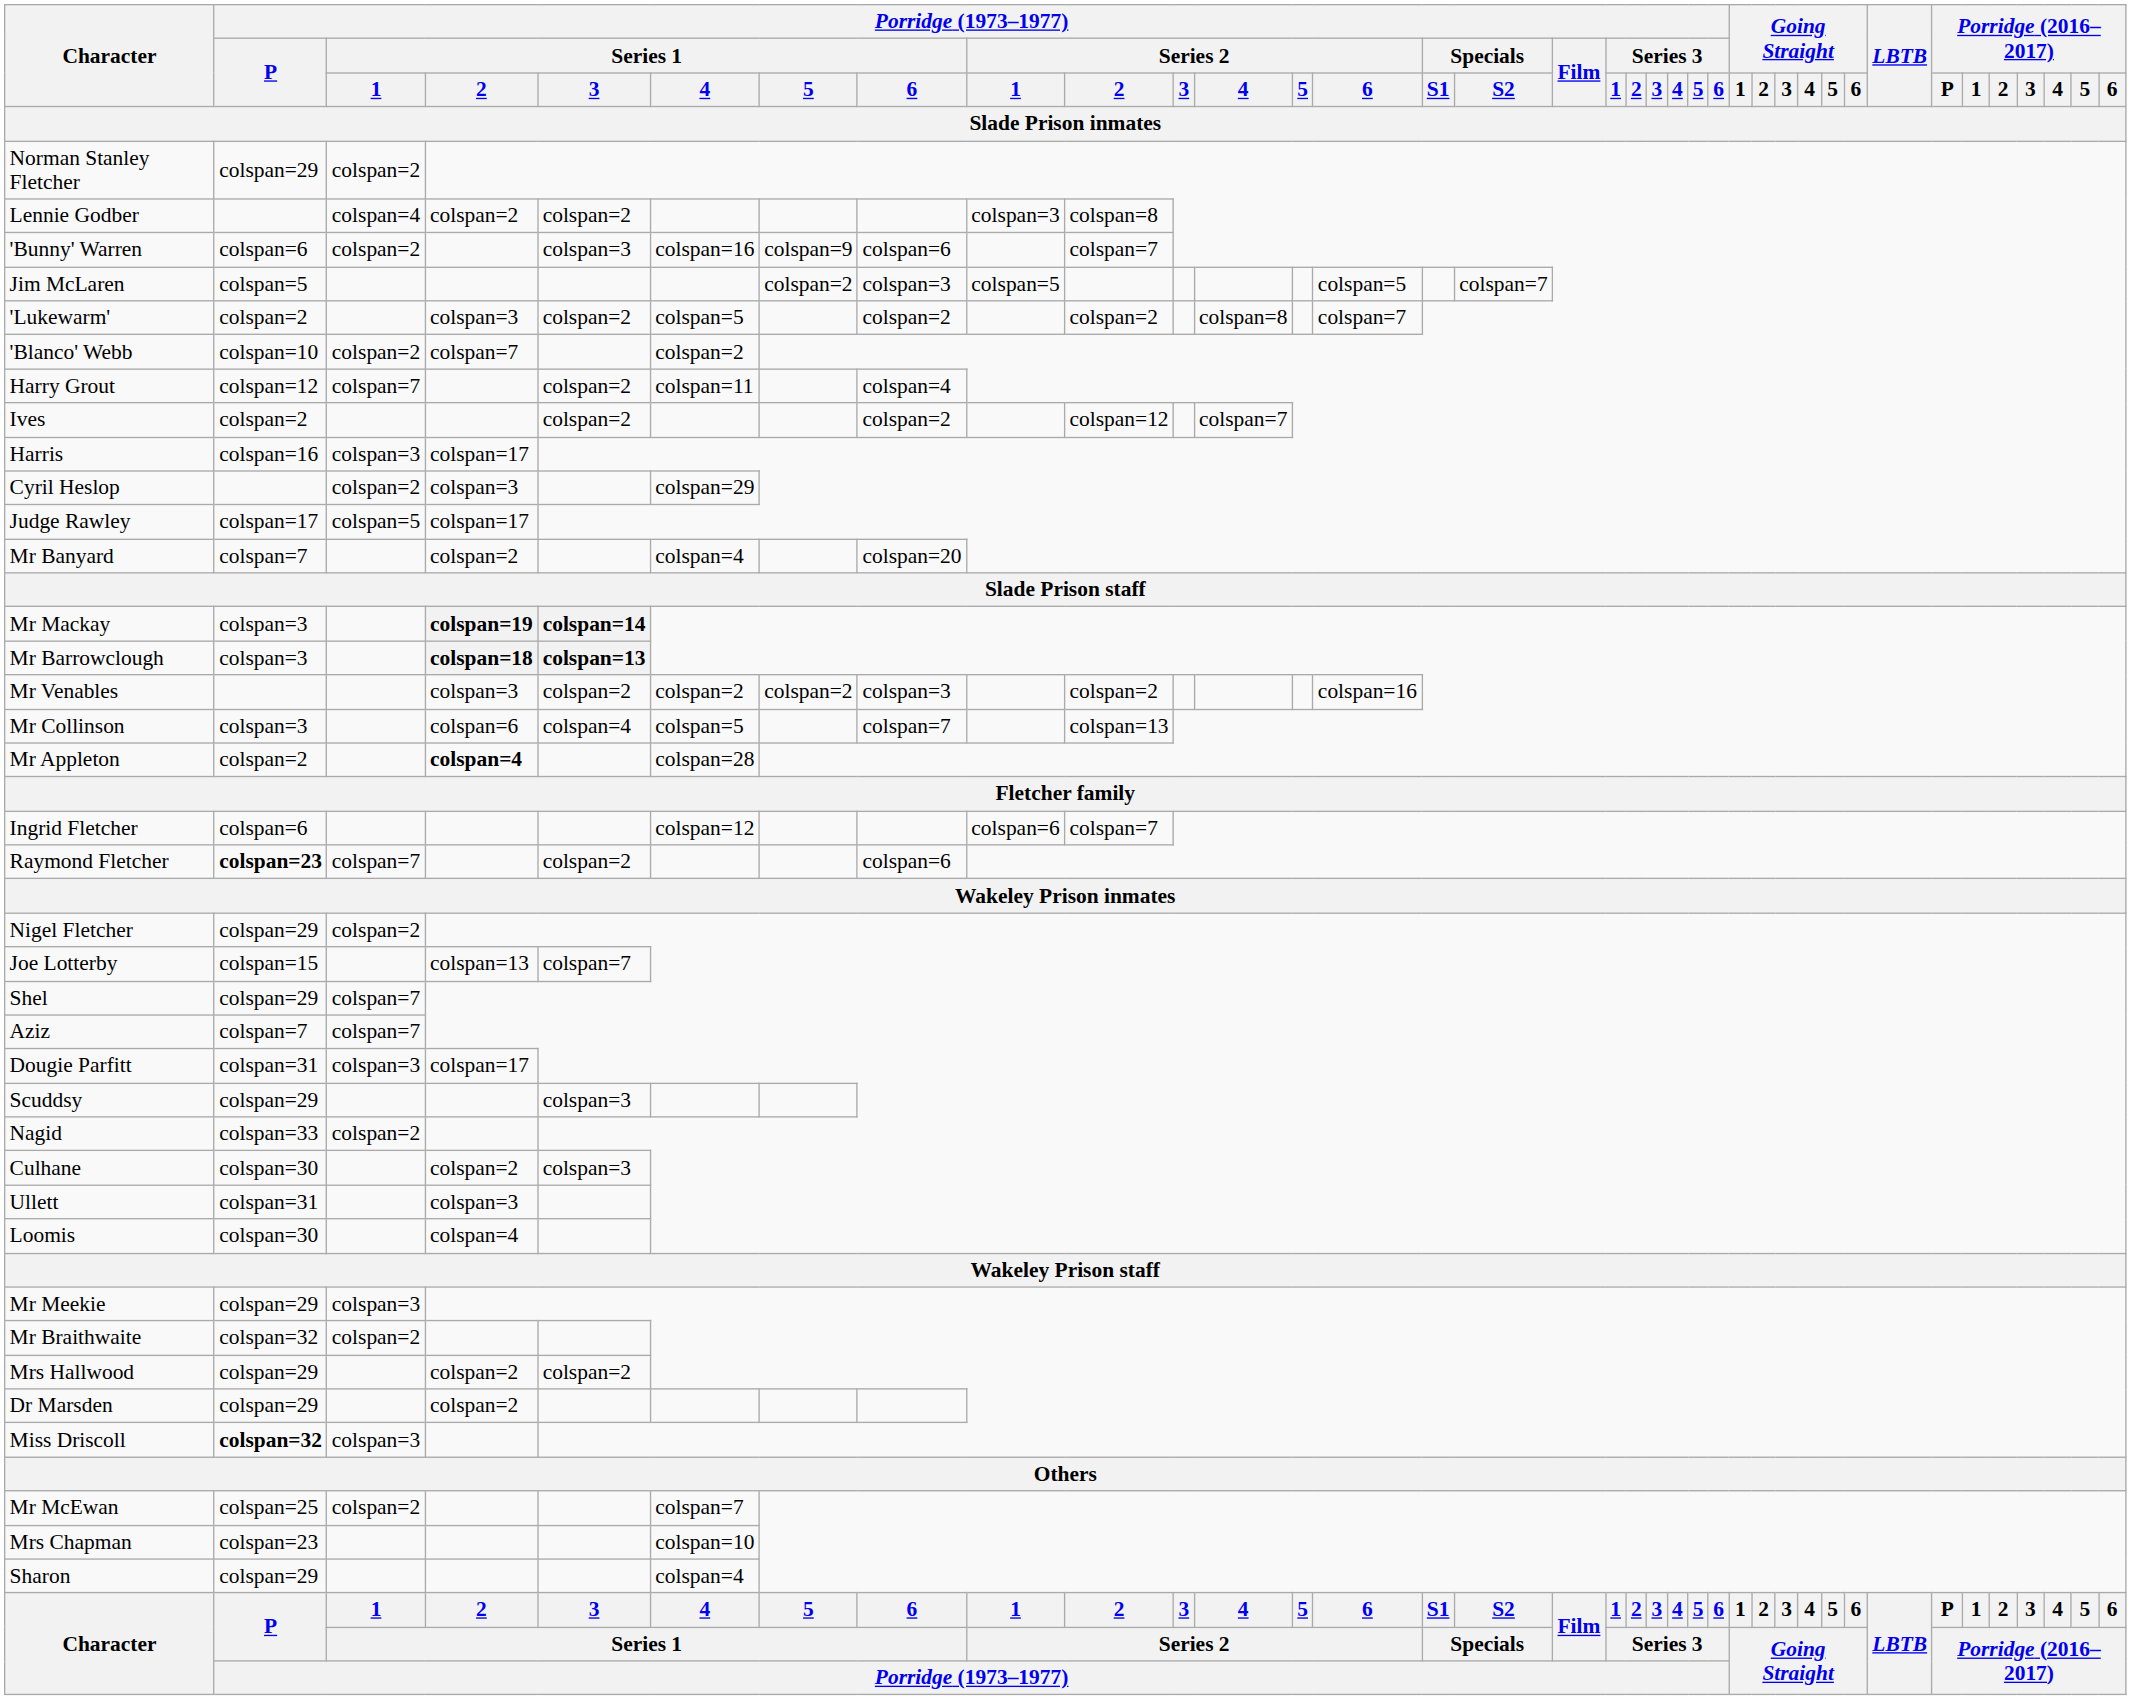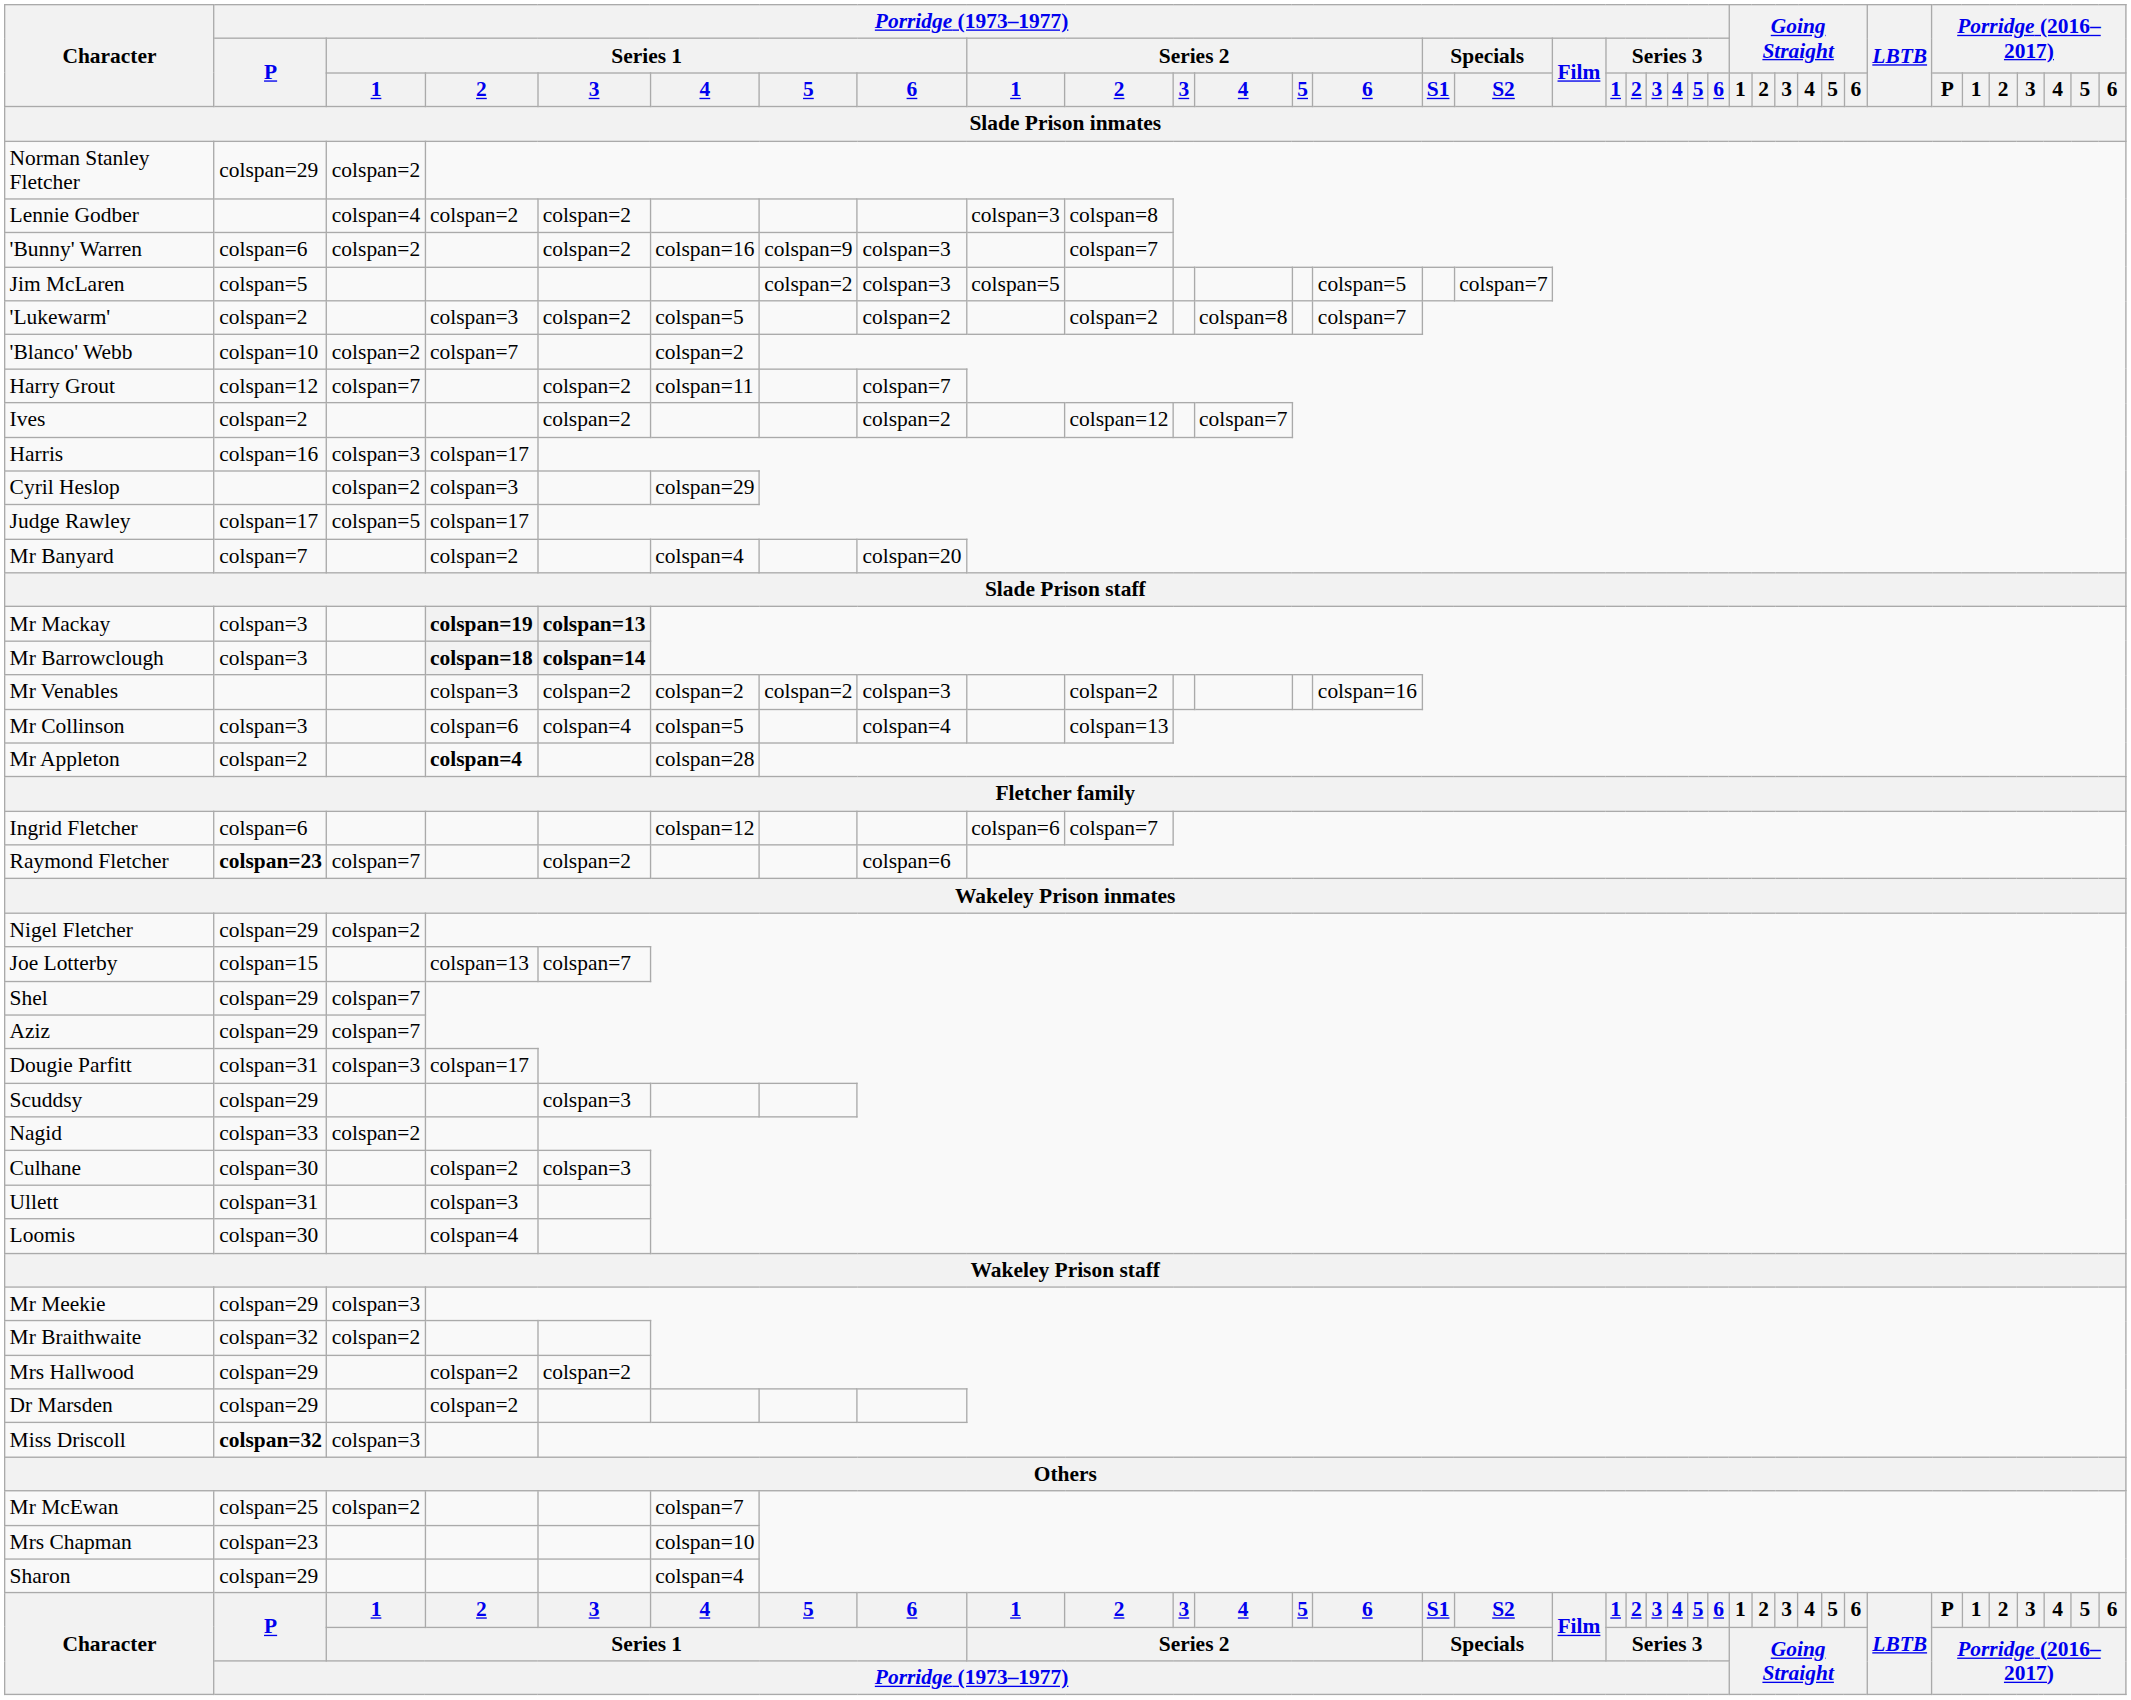 <table class="wikitable planrowheaders" style="width: 100%; margin-right: 0;">
 <tr>
 <th rowspan=3>Character</th>
 <th colspan=22><a href='#'><em>Porridge</em> (1973–1977)</a></th>
 <th colspan=6 rowspan=2><em><a href='#'>Going Straight</a></em></th>
 <th rowspan=3><em><a href='#'>LBTB</a></em></th>
 <th colspan=7 rowspan=2><a href='#'><em>Porridge</em> (2016–2017)</a></th>
 </tr>
 <tr>
 <th rowspan=2><a href='#'>P</a></th>
 <th colspan=6>Series 1</th>
 <th colspan=6>Series 2</th>
 <th colspan=2>Specials</th>
 <th rowspan=2><a href='#'>Film</a></th>
 <th colspan=6>Series 3</th>
 </tr>
 <tr>
 <th><a href='#'>1</a></th>
 <th><a href='#'>2</a></th>
 <th><a href='#'>3</a></th>
 <th><a href='#'>4</a></th>
 <th><a href='#'>5</a></th>
 <th><a href='#'>6</a></th>
 <th><a href='#'>1</a></th>
 <th><a href='#'>2</a></th>
 <th><a href='#'>3</a></th>
 <th><a href='#'>4</a></th>
 <th><a href='#'>5</a></th>
 <th><a href='#'>6</a></th>
 <th><a href='#'>S1</a></th>
 <th><a href='#'>S2</a></th>
 <th><a href='#'>1</a></th>
 <th><a href='#'>2</a></th>
 <th><a href='#'>3</a></th>
 <th><a href='#'>4</a></th>
 <th><a href='#'>5</a></th>
 <th><a href='#'>6</a></th>
 <th>1</th>
 <th>2</th>
 <th>3</th>
 <th>4</th>
 <th>5</th>
 <th>6</th>
 <th>P</th>
 <th>1</th>
 <th>2</th>
 <th>3</th>
 <th>4</th>
 <th>5</th>
 <th>6</th>
 </tr>
 <tr>
 <th colspan=37>Slade Prison inmates</th>
 </tr>
 <tr>
 <td>Norman Stanley Fletcher</td>
 <td>colspan=29 </td>
 <td>colspan=2 </td>
 </tr>
 <tr>
 <td>Lennie Godber</td>
 <td></td>
 <td>colspan=4 </td>
 <td>colspan=2 </td>
 <td>colspan=2 </td>
 <td></td>
 <td></td>
 <td></td>
 <td>colspan=3 </td>
 <td>colspan=8 </td>
 </tr>
 <tr>
 <td>'Bunny' Warren</td>
 <td>colspan=6 </td>
 <td>colspan=2 </td>
 <td></td>
-<td>colspan=3 </td>
+<td>colspan=2 </td>
 <td>colspan=16 </td>
 <td>colspan=9 </td>
-<td>colspan=6 </td>
+<td>colspan=3 </td>
 <td></td>
 <td>colspan=7 </td>
 </tr>
 <tr>
 <td>Jim McLaren</td>
 <td>colspan=5 </td>
 <td></td>
 <td></td>
 <td></td>
 <td></td>
 <td>colspan=2 </td>
 <td>colspan=3 </td>
 <td>colspan=5 </td>
 <td></td>
 <td></td>
 <td></td>
 <td></td>
 <td>colspan=5 </td>
 <td></td>
 <td>colspan=7 </td>
 </tr>
 <tr>
 <td>'Lukewarm'</td>
 <td>colspan=2 </td>
 <td></td>
 <td>colspan=3 </td>
 <td>colspan=2 </td>
 <td>colspan=5 </td>
 <td></td>
 <td>colspan=2 </td>
 <td></td>
 <td>colspan=2 </td>
 <td></td>
 <td>colspan=8 </td>
 <td></td>
 <td>colspan=7 </td>
 </tr>
 <tr>
 <td>'Blanco' Webb</td>
 <td>colspan=10 </td>
 <td>colspan=2 </td>
 <td>colspan=7 </td>
 <td></td>
 <td>colspan=2 </td>
 </tr>
 <tr>
 <td>Harry Grout</td>
 <td>colspan=12 </td>
 <td>colspan=7 </td>
 <td></td>
 <td>colspan=2 </td>
 <td>colspan=11 </td>
 <td></td>
-<td>colspan=4 </td>
+<td>colspan=7 </td>
 </tr>
 <tr>
 <td>Ives</td>
 <td>colspan=2 </td>
 <td></td>
 <td></td>
 <td>colspan=2 </td>
 <td></td>
 <td></td>
 <td>colspan=2 </td>
 <td></td>
 <td>colspan=12 </td>
 <td></td>
 <td>colspan=7 </td>
 </tr>
 <tr>
 <td>Harris</td>
 <td>colspan=16 </td>
 <td>colspan=3 </td>
 <td>colspan=17 </td>
 </tr>
 <tr>
 <td>Cyril Heslop</td>
 <td></td>
 <td>colspan=2 </td>
 <td>colspan=3 </td>
 <td></td>
 <td>colspan=29 </td>
 </tr>
 <tr>
 <td>Judge Rawley</td>
 <td>colspan=17 </td>
 <td>colspan=5 </td>
 <td>colspan=17 </td>
 </tr>
 <tr>
 <td>Mr Banyard</td>
 <td>colspan=7 </td>
 <td></td>
 <td>colspan=2 </td>
 <td></td>
 <td>colspan=4 </td>
 <td></td>
 <td>colspan=20 </td>
 </tr>
 <tr>
 <th colspan=37>Slade Prison staff</th>
 </tr>
 <tr>
 <td>Mr Mackay</td>
 <td>colspan=3 </td>
 <td></td>
 <th>colspan=19 </th>
-<th>colspan=14 </th>
+<th>colspan=13 </th>
 </tr>
 <tr>
 <td>Mr Barrowclough</td>
 <td>colspan=3 </td>
 <td></td>
 <th>colspan=18 </th>
-<th>colspan=13 </th>
+<th>colspan=14 </th>
 </tr>
 <tr>
 <td>Mr Venables</td>
 <td></td>
 <td></td>
 <td>colspan=3 </td>
 <td>colspan=2 </td>
 <td>colspan=2 </td>
 <td>colspan=2 </td>
 <td>colspan=3 </td>
 <td></td>
 <td>colspan=2 </td>
 <td></td>
 <td></td>
 <td></td>
 <td>colspan=16 </td>
 </tr>
 <tr>
 <td>Mr Collinson</td>
 <td>colspan=3 </td>
 <td></td>
 <td>colspan=6 </td>
 <td>colspan=4 </td>
 <td>colspan=5 </td>
 <td></td>
-<td>colspan=7 </td>
+<td>colspan=4 </td>
 <td></td>
 <td>colspan=13 </td>
 </tr>
 <tr>
 <td>Mr Appleton</td>
 <td>colspan=2 </td>
 <td></td>
 <td><strong>colspan=4 </strong></td>
 <td></td>
 <td>colspan=28 </td>
 </tr>
 <tr>
 <th colspan=37>Fletcher family</th>
 </tr>
 <tr>
 <td>Ingrid Fletcher</td>
 <td>colspan=6 </td>
 <td></td>
 <td></td>
 <td></td>
 <td>colspan=12 </td>
 <td></td>
 <td></td>
 <td>colspan=6 </td>
 <td>colspan=7 </td>
 </tr>
 <tr>
 <td>Raymond Fletcher</td>
 <td><strong>colspan=23 </strong></td>
 <td>colspan=7 </td>
 <td></td>
 <td>colspan=2 </td>
 <td></td>
 <td></td>
 <td>colspan=6 </td>
 </tr>
 <tr>
 <th colspan=37>Wakeley Prison inmates</th>
 </tr>
 <tr>
 <td>Nigel Fletcher</td>
 <td>colspan=29 </td>
 <td>colspan=2 </td>
 </tr>
 <tr>
 <td>Joe Lotterby</td>
 <td>colspan=15 </td>
 <td></td>
 <td>colspan=13 </td>
 <td>colspan=7 </td>
 </tr>
 <tr>
 <td>Shel</td>
 <td>colspan=29 </td>
 <td>colspan=7 </td>
 </tr>
 <tr>
 <td>Aziz</td>
-<td>colspan=7 </td>
+<td>colspan=29 </td>
 <td>colspan=7 </td>
 </tr>
 <tr>
 <td>Dougie Parfitt</td>
 <td>colspan=31 </td>
 <td>colspan=3 </td>
 <td>colspan=17 </td>
 </tr>
 <tr>
 <td>Scuddsy</td>
 <td>colspan=29 </td>
 <td></td>
 <td></td>
 <td>colspan=3 </td>
 <td></td>
 <td></td>
 </tr>
 <tr>
 <td>Nagid</td>
 <td>colspan=33 </td>
 <td>colspan=2 </td>
 <td></td>
 </tr>
 <tr>
 <td>Culhane</td>
 <td>colspan=30 </td>
 <td></td>
 <td>colspan=2 </td>
 <td>colspan=3 </td>
 </tr>
 <tr>
 <td>Ullett</td>
 <td>colspan=31 </td>
 <td></td>
 <td>colspan=3 </td>
 <td></td>
 </tr>
 <tr>
 <td>Loomis</td>
 <td>colspan=30 </td>
 <td></td>
 <td>colspan=4 </td>
 <td></td>
 </tr>
 <tr>
 <th colspan=37>Wakeley Prison staff</th>
 </tr>
 <tr>
 <td>Mr Meekie</td>
 <td>colspan=29 </td>
 <td>colspan=3 </td>
 </tr>
 <tr>
 <td>Mr Braithwaite</td>
 <td>colspan=32 </td>
 <td>colspan=2 </td>
 <td></td>
 <td></td>
 </tr>
 <tr>
 <td>Mrs Hallwood</td>
 <td>colspan=29 </td>
 <td></td>
 <td>colspan=2 </td>
 <td>colspan=2 </td>
 </tr>
 <tr>
 <td>Dr Marsden</td>
 <td>colspan=29 </td>
 <td></td>
 <td>colspan=2 </td>
 <td></td>
 <td></td>
 <td></td>
 <td></td>
 </tr>
 <tr>
 <td>Miss Driscoll</td>
 <td><strong>colspan=32 </strong></td>
 <td>colspan=3 </td>
 <td></td>
 </tr>
 <tr>
 <th colspan=37>Others</th>
 </tr>
 <tr>
 <td>Mr McEwan</td>
 <td>colspan=25 </td>
 <td>colspan=2 </td>
 <td></td>
 <td></td>
 <td>colspan=7 </td>
 </tr>
 <tr>
 <td>Mrs Chapman</td>
 <td>colspan=23 </td>
 <td></td>
 <td></td>
 <td></td>
 <td>colspan=10 </td>
 </tr>
 <tr>
 <td>Sharon</td>
 <td>colspan=29 </td>
 <td></td>
 <td></td>
 <td></td>
 <td>colspan=4 </td>
 </tr>
 <tr>
 <th rowspan=3>Character</th>
 <th rowspan=2><a href='#'>P</a></th>
 <th><a href='#'>1</a></th>
 <th><a href='#'>2</a></th>
 <th><a href='#'>3</a></th>
 <th><a href='#'>4</a></th>
 <th><a href='#'>5</a></th>
 <th><a href='#'>6</a></th>
 <th><a href='#'>1</a></th>
 <th><a href='#'>2</a></th>
 <th><a href='#'>3</a></th>
 <th><a href='#'>4</a></th>
 <th><a href='#'>5</a></th>
 <th><a href='#'>6</a></th>
 <th><a href='#'>S1</a></th>
 <th><a href='#'>S2</a></th>
 <th rowspan=2><a href='#'>Film</a></th>
 <th><a href='#'>1</a></th>
 <th><a href='#'>2</a></th>
 <th><a href='#'>3</a></th>
 <th><a href='#'>4</a></th>
 <th><a href='#'>5</a></th>
 <th><a href='#'>6</a></th>
 <th>1</th>
 <th>2</th>
 <th>3</th>
 <th>4</th>
 <th>5</th>
 <th>6</th>
 <th rowspan=3><em><a href='#'>LBTB</a></em></th>
 <th>P</th>
 <th>1</th>
 <th>2</th>
 <th>3</th>
 <th>4</th>
 <th>5</th>
 <th>6</th>
 </tr>
 <tr>
 <th colspan=6>Series 1</th>
 <th colspan=6>Series 2</th>
 <th colspan=2>Specials</th>
 <th colspan=6>Series 3</th>
 <th colspan=6 rowspan=2><em><a href='#'>Going Straight</a></em></th>
 <th colspan=7 rowspan=2><a href='#'><em>Porridge</em> (2016–2017)</a></th>
 </tr>
 <tr>
 <th colspan=22><a href='#'><em>Porridge</em> (1973–1977)</a></th>
 </tr>
 </table>
